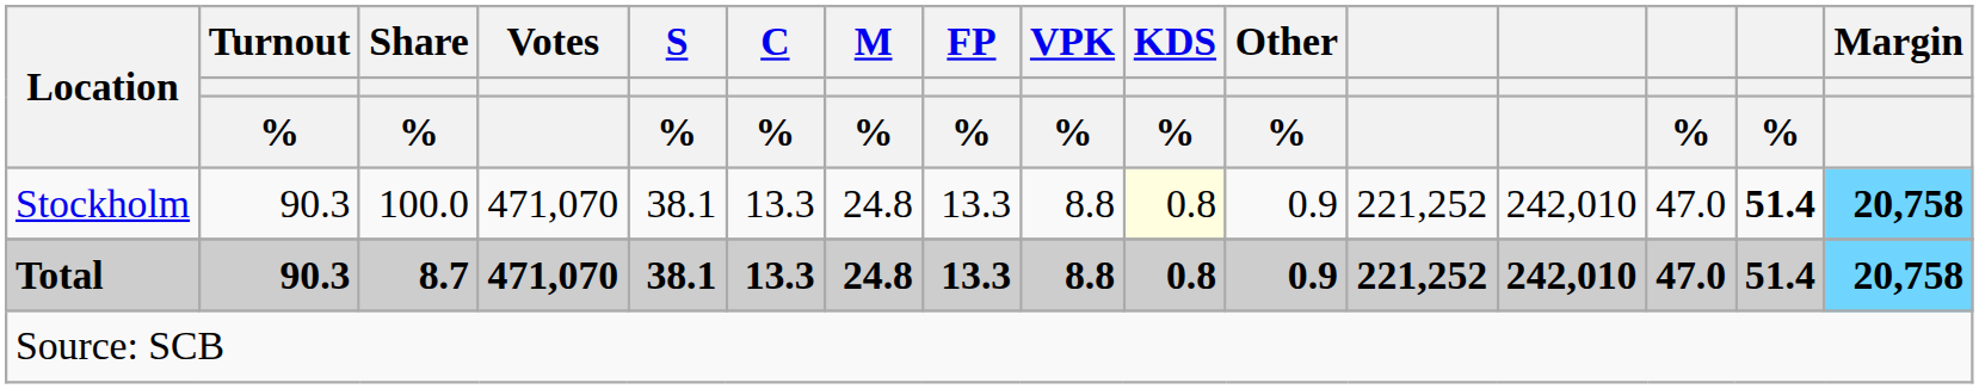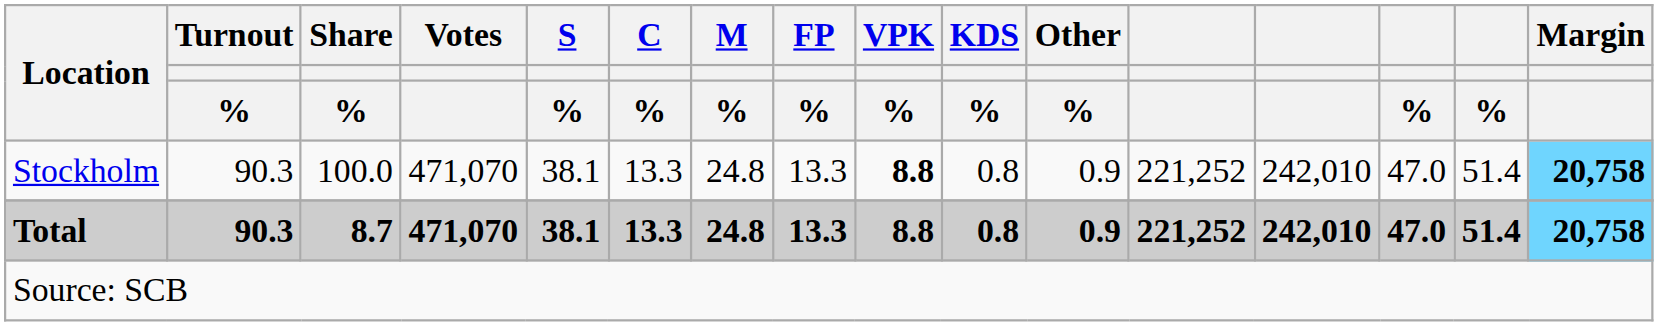 <table class="wikitable sortable" style="text-align:right; font-size:95%; line-height:20px;">
 <tr>
 <th rowspan="3">Location</th>
 <th>Turnout</th>
 <th>Share</th>
 <th>Votes</th>
 <th width="30px" class="unsortable"><a href='#'>S</a></th>
 <th width="30px" class="unsortable"><a href='#'>C</a></th>
 <th width="30px" class="unsortable"><a href='#'>M</a></th>
 <th width="30px" class="unsortable"><a href='#'>FP</a></th>
 <th width="30px" class="unsortable"><a href='#'>VPK</a></th>
 <th width="30px" class="unsortable"><a href='#'>KDS</a></th>
 <th width="30px" class="unsortable">Other</th>
 <th></th>
 <th></th>
 <th></th>
 <th></th>
 <th>Margin</th>
 </tr>
 <tr>
 <th></th>
 <th></th>
 <th></th>
 <th style="background:"></th>
 <th style="background:"></th>
 <th style="background:"></th>
 <th style="background:"></th>
 <th style="background:"></th>
 <th style="background:"></th>
 <th style="background:"></th>
 <th style="background:"></th>
 <th style="background:"></th>
 <th style="background:"></th>
 <th style="background:"></th>
 <th></th>
 </tr>
 <tr>
 <th data-sort-type="number">%</th>
 <th data-sort-type="number">%</th>
 <th></th>
 <th data-sort-type="number">%</th>
 <th data-sort-type="number">%</th>
 <th data-sort-type="number">%</th>
 <th data-sort-type="number">%</th>
 <th data-sort-type="number">%</th>
 <th data-sort-type="number">%</th>
 <th data-sort-type="number">%</th>
 <th data-sort-type="number"></th>
 <th data-sort-type="number"></th>
 <th data-sort-type="number">%</th>
 <th data-sort-type="number">%</th>
 <th data-sort-type="number"></th>
 </tr>
 <tr>
 <td align=left><a href='#'>Stockholm</a></td>
 <td>90.3</td>
 <td>100.0</td>
 <td>471,070</td>
 <td>38.1</td>
 <td>13.3</td>
 <td>24.8</td>
 <td>13.3</td>
-<td>8.8</td>
-<td style="background: lightyellow;">0.8</td>
+<td><strong>8.8</strong></td>
+<td>0.8</td>
 <td>0.9</td>
 <td>221,252</td>
 <td>242,010</td>
 <td>47.0</td>
-<td><strong>51.4</strong></td>
+<td>51.4</td>
 <td bgcolor=#6fd5fe><strong>20,758</strong></td>
 </tr>
 <tr>
 </tr>
 <tr style="background:#CDCDCD;">
 <td align=left><strong>Total</strong></td>
 <td><strong>90.3</strong></td>
 <td><strong>8.7</strong></td>
 <td><strong>471,070</strong></td>
 <td><strong>38.1</strong></td>
 <td><strong>13.3</strong></td>
 <td><strong>24.8</strong></td>
 <td><strong>13.3</strong></td>
 <td><strong>8.8</strong></td>
 <td><strong>0.8</strong></td>
 <td><strong>0.9</strong></td>
 <td><strong>221,252</strong></td>
 <td><strong>242,010</strong></td>
 <td><strong>47.0</strong></td>
 <td><strong>51.4</strong></td>
 <td bgcolor=#6fd5fe><strong>20,758</strong></td>
 </tr>
 <tr>
 <td align=left colspan=16>Source: SCB </td>
 </tr>
 </table>
